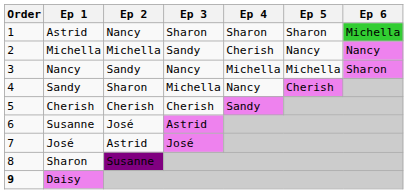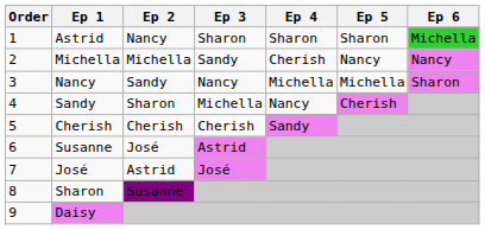 <table class="wikitable">
 <tr>
 <th>Order</th>
 <th>Ep 1</th>
 <th>Ep 2</th>
 <th>Ep 3</th>
 <th>Ep 4</th>
 <th>Ep 5</th>
 <th>Ep 6</th>
 </tr>
 <tr>
 <td>1</td>
 <td>Astrid</td>
 <td>Nancy</td>
 <td>Sharon</td>
 <td>Sharon</td>
 <td>Sharon</td>
 <td style="background-color:limegreen;">Michella</td>
 </tr>
 <tr>
 <td>2</td>
 <td>Michella</td>
 <td>Michella</td>
 <td>Sandy</td>
 <td>Cherish</td>
 <td>Nancy</td>
 <td style="background-color:violet;">Nancy</td>
 </tr>
 <tr>
 <td>3</td>
 <td>Nancy</td>
 <td>Sandy</td>
 <td>Nancy</td>
 <td>Michella</td>
 <td>Michella</td>
 <td style="background-color:violet;">Sharon</td>
 </tr>
 <tr>
 <td>4</td>
 <td>Sandy</td>
 <td>Sharon</td>
 <td>Michella</td>
 <td>Nancy</td>
 <td style="background-color:violet;">Cherish</td>
 <td style="background:#CCCCCC;" colspan="1"></td>
 </tr>
 <tr>
 <td>5</td>
 <td>Cherish</td>
 <td>Cherish</td>
 <td>Cherish</td>
 <td style="background-color:violet;">Sandy</td>
 <td style="background:#CCCCCC;" colspan="2"></td>
 </tr>
 <tr>
 <td>6</td>
 <td>Susanne</td>
 <td>José</td>
 <td style="background-color:violet;">Astrid</td>
 <td style="background:#CCCCCC;" colspan="3"></td>
 </tr>
 <tr>
 <td>7</td>
 <td>José</td>
 <td>Astrid</td>
 <td style="background-color:violet;">José</td>
 <td style="background:#CCCCCC;" colspan="3"></td>
 </tr>
 <tr>
 <td>8</td>
 <td>Sharon</td>
 <td style="background-color:purple;"><span>Susanne</span></td>
 <td style="background:#CCCCCC;" colspan="4"></td>
 </tr>
 <tr>
-<td><strong>9</strong></td>
+<td>9</td>
 <td style="background-color:violet;">Daisy</td>
 <td style="background:#CCCCCC;" colspan="5"></td>
 </tr>
 </table>
